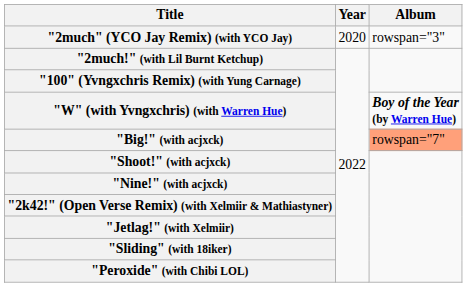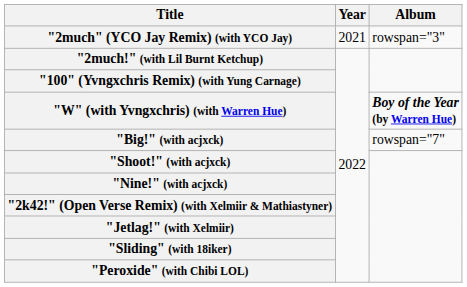 <table class="wikitable plainrowheaders">
 <tr>
 <th scope="col">Title</th>
 <th scope="col">Year</th>
 <th scope="col">Album</th>
 </tr>
 <tr>
 <th scope="row">"2much" (YCO Jay Remix) <small>(with YCO Jay)</small></th>
-<td>2020</td>
+<td>2021</td>
 <td>rowspan="3" </td>
 </tr>
 <tr>
 <th scope="row">"2much!" <small>(with Lil Burnt Ketchup)</small></th>
 <td rowspan="10">2022</td>
 </tr>
 <tr>
 <th scope="row">"100" (Yvngxchris Remix) <small>(with Yung Carnage)</small></th>
 </tr>
 <tr>
 <th scope="row">"W" (with Yvngxchris) <small>(with <a href='#'>Warren Hue</a>)</small></th>
 <td><strong><em>Boy of the Year</em><br><small>(by <a href='#'>Warren Hue</a>)</small></strong></td>
 </tr>
 <tr>
 <th scope="row">"Big!" <small>(with acjxck)</small></th>
-<td style="background: lightsalmon;">rowspan="7" </td>
+<td>rowspan="7" </td>
 </tr>
 <tr>
 <th scope="row">"Shoot!" <small>(with acjxck)</small></th>
 </tr>
 <tr>
 <th scope="row">"Nine!" <small>(with acjxck)</small></th>
 </tr>
 <tr>
 <th scope="row">"2k42!" (Open Verse Remix) <small>(with Xelmiir & Mathiastyner)</small></th>
 </tr>
 <tr>
 <th scope="row">"Jetlag!" <small>(with Xelmiir)</small></th>
 </tr>
 <tr>
 <th scope="row">"Sliding" <small>(with 18iker)</small></th>
 </tr>
 <tr>
 <th scope="row">"Peroxide" <small>(with Chibi LOL)</small></th>
 </tr>
 </table>
